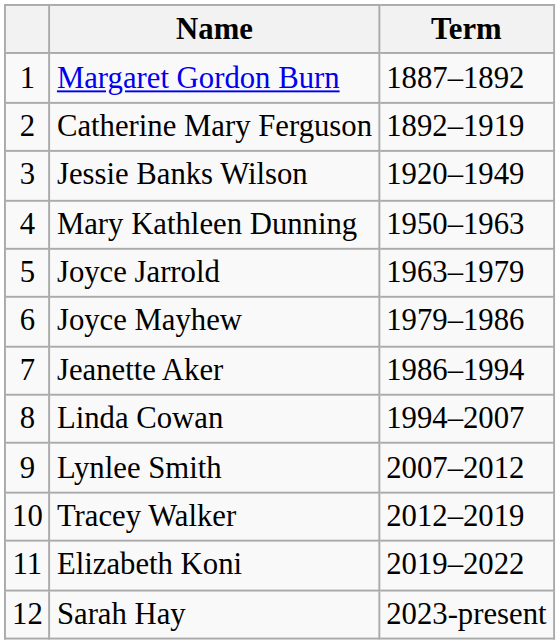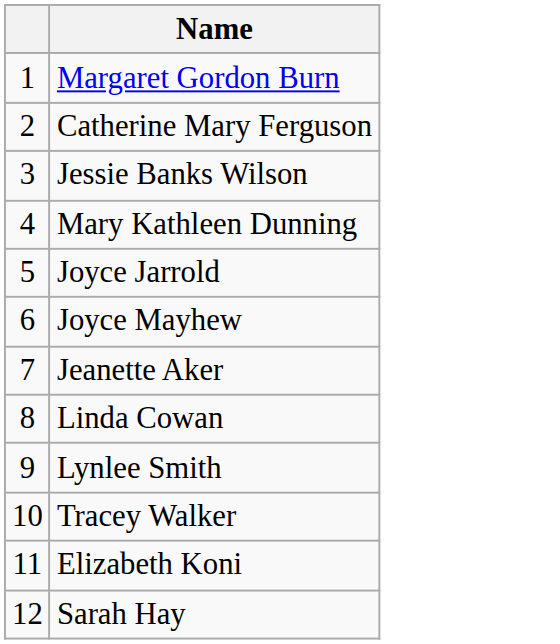 <table class="wikitable">
 <tr>
 <th></th>
 <th>Name</th>
-<th>Term</th>
 </tr>
 <tr>
 <td align=center>1</td>
 <td><a href='#'>Margaret Gordon Burn</a></td>
-<td>1887–1892</td>
 </tr>
 <tr>
 <td align=center>2</td>
 <td>Catherine Mary Ferguson</td>
-<td>1892–1919</td>
 </tr>
 <tr>
 <td align=center>3</td>
 <td>Jessie Banks Wilson</td>
-<td>1920–1949</td>
 </tr>
 <tr>
 <td align=center>4</td>
 <td>Mary Kathleen Dunning</td>
-<td>1950–1963</td>
 </tr>
 <tr>
 <td align=center>5</td>
 <td>Joyce Jarrold</td>
-<td>1963–1979</td>
 </tr>
 <tr>
 <td align=center>6</td>
 <td>Joyce Mayhew</td>
-<td>1979–1986</td>
 </tr>
 <tr>
 <td align=center>7</td>
 <td>Jeanette Aker</td>
-<td>1986–1994</td>
 </tr>
 <tr>
 <td align=center>8</td>
 <td>Linda Cowan</td>
-<td>1994–2007</td>
 </tr>
 <tr>
 <td align=center>9</td>
 <td>Lynlee Smith</td>
-<td>2007–2012</td>
 </tr>
 <tr>
 <td align=center>10</td>
 <td>Tracey Walker</td>
-<td>2012–2019</td>
 </tr>
 <tr>
 <td align=center>11</td>
 <td>Elizabeth Koni</td>
-<td>2019–2022</td>
 </tr>
 <tr>
 <td align=centre>12</td>
 <td>Sarah Hay</td>
-<td>2023-present</td>
 </tr>
 </table>
